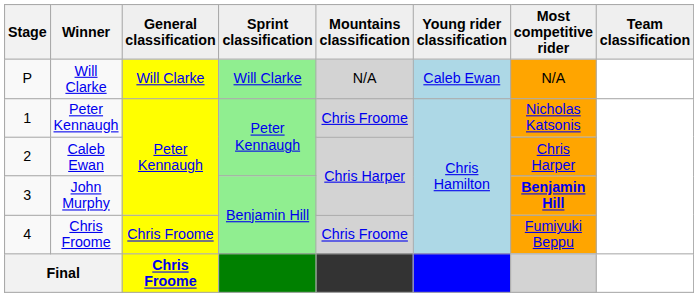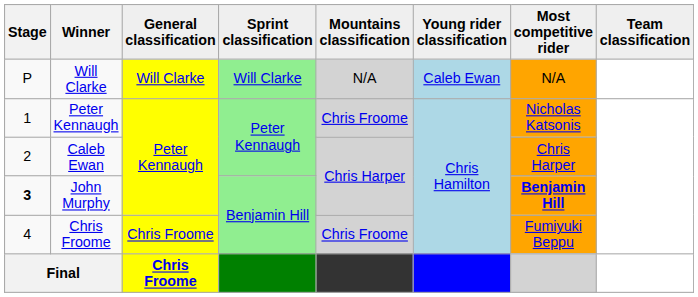 <table class="wikitable" style="text-align: center; font-size:smaller;">
 <tr style="background:#efefef;">
 <th style="width:1%;">Stage</th>
 <th style="width:14%;">Winner</th>
 <th style="background:#efefef; width:12%;">General classification<br></th>
 <th style="background:#efefef; width:12%;">Sprint classification<br></th>
 <th style="background:#efefef; width:12%;">Mountains classification<br></th>
 <th style="background:#efefef; width:12%;">Young rider classification<br></th>
 <th style="background:#efefef; width:12%;">Most competitive rider<br></th>
 <th style="background:#efefef; width:12%;">Team classification<br></th>
 </tr>
 <tr>
 <td>P</td>
 <td><a href='#'>Will Clarke</a></td>
 <td style="background:yellow"><a href='#'>Will Clarke</a></td>
 <td style="background:lightgreen"><a href='#'>Will Clarke</a></td>
 <td style="background:lightgrey">N/A</td>
 <td style="background:lightblue"><a href='#'>Caleb Ewan</a></td>
 <td style="background:orange">N/A</td>
 <td style="background:white"></td>
 </tr>
 <tr>
 <td>1</td>
 <td><a href='#'>Peter Kennaugh</a></td>
 <td style="background:yellow" rowspan=3><a href='#'>Peter Kennaugh</a></td>
 <td style="background:lightgreen" rowspan=2><a href='#'>Peter Kennaugh</a></td>
 <td style="background:lightgrey"><a href='#'>Chris Froome</a></td>
 <td style="background:lightblue" rowspan=4><a href='#'>Chris Hamilton</a></td>
 <td style="background:orange"><a href='#'>Nicholas Katsonis</a></td>
 <td style="background:white" rowspan=4></td>
 </tr>
 <tr>
 <td>2</td>
 <td><a href='#'>Caleb Ewan</a></td>
 <td style="background:lightgrey" rowspan=2><a href='#'>Chris Harper</a></td>
 <td style="background:orange"><a href='#'>Chris Harper</a></td>
 </tr>
 <tr>
-<td>3</td>
+<td><strong>3</strong></td>
 <td><a href='#'>John Murphy</a></td>
 <td style="background:lightgreen" rowspan=2><a href='#'>Benjamin Hill</a></td>
 <td style="background:orange"><strong><a href='#'>Benjamin Hill</a></strong></td>
 </tr>
 <tr>
 <td>4</td>
 <td><a href='#'>Chris Froome</a></td>
 <td style="background:yellow"><a href='#'>Chris Froome</a></td>
 <td style="background:lightgrey"><a href='#'>Chris Froome</a></td>
 <td style="background:orange"><a href='#'>Fumiyuki Beppu</a></td>
 </tr>
 <tr>
 <th colspan=2><strong>Final</strong></th>
 <th style="background:yellow"><a href='#'>Chris Froome</a></th>
 <th style="background:green"></th>
 <th style="background:#333"></th>
 <th style="background:blue"></th>
 <th style="background:lightgrey"></th>
 <th style="background:white"></th>
 </tr>
 </table>
